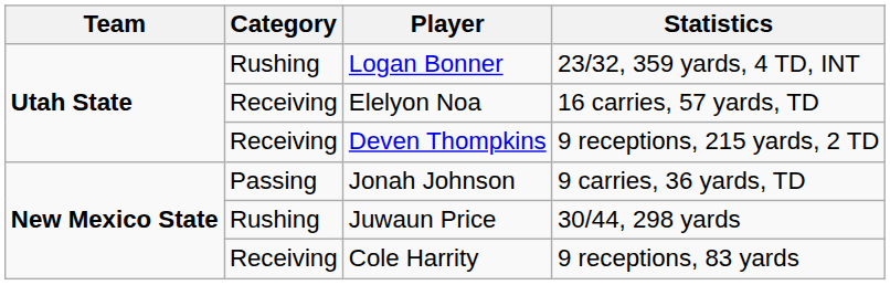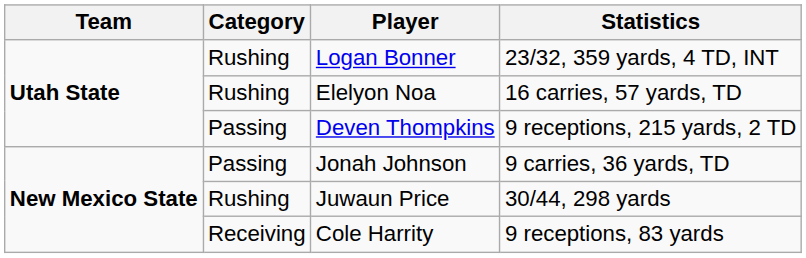 <table class="wikitable" style="float: left;">
 <tr>
 <th>Team</th>
 <th>Category</th>
 <th>Player</th>
 <th>Statistics</th>
 </tr>
 <tr>
 <td rowspan=3><strong>Utah State</strong></td>
 <td>Rushing</td>
 <td><a href='#'>Logan Bonner</a></td>
 <td>23/32, 359 yards, 4 TD, INT</td>
 </tr>
 <tr>
-<td>Receiving</td>
+<td>Rushing</td>
 <td>Elelyon Noa</td>
 <td>16 carries, 57 yards, TD</td>
 </tr>
 <tr>
-<td>Receiving</td>
+<td>Passing</td>
 <td><a href='#'>Deven Thompkins</a></td>
 <td>9 receptions, 215 yards, 2 TD</td>
 </tr>
 <tr>
 <td rowspan=3><strong>New Mexico State</strong></td>
 <td>Passing</td>
 <td>Jonah Johnson</td>
 <td>9 carries, 36 yards, TD</td>
 </tr>
 <tr>
 <td>Rushing</td>
 <td>Juwaun Price</td>
 <td>30/44, 298 yards</td>
 </tr>
 <tr>
 <td>Receiving</td>
 <td>Cole Harrity</td>
 <td>9 receptions, 83 yards</td>
 </tr>
 </table>
